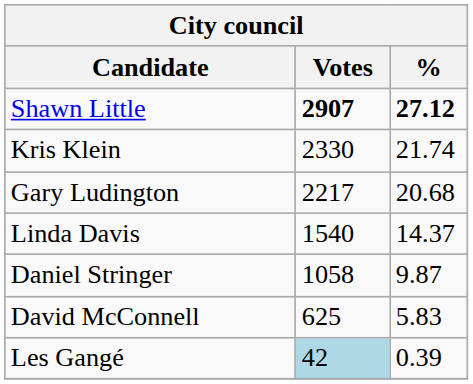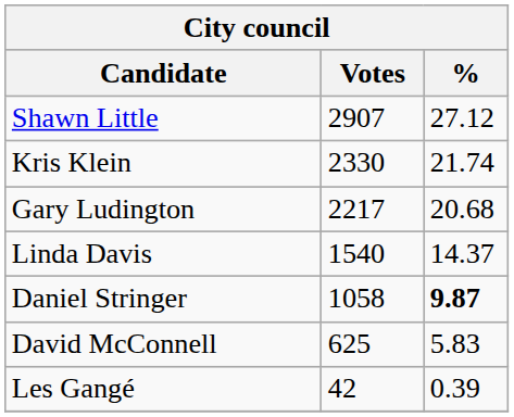 <table class="wikitable">
 <tr>
 <th colspan="3">City council</th>
 </tr>
 <tr>
 <th style="width: 170px">Candidate</th>
 <th style="width: 50px">Votes</th>
 <th style="width: 40px">%</th>
 </tr>
 <tr>
 <td><a href='#'>Shawn Little</a></td>
-<td><strong>2907</strong></td>
-<td><strong>27.12</strong></td>
+<td>2907</td>
+<td>27.12</td>
 </tr>
 <tr>
 <td>Kris Klein</td>
 <td>2330</td>
 <td>21.74</td>
 </tr>
 <tr>
 <td>Gary Ludington</td>
 <td>2217</td>
 <td>20.68</td>
 </tr>
 <tr>
 <td>Linda Davis</td>
 <td>1540</td>
 <td>14.37</td>
 </tr>
 <tr>
 <td>Daniel Stringer</td>
 <td>1058</td>
-<td>9.87</td>
+<td><strong>9.87</strong></td>
 </tr>
 <tr>
 <td>David McConnell</td>
 <td>625</td>
 <td>5.83</td>
 </tr>
 <tr>
 <td>Les Gangé</td>
-<td style="background: lightblue;">42</td>
+<td>42</td>
 <td>0.39</td>
 </tr>
 <tr>
 </tr>
 </table>
